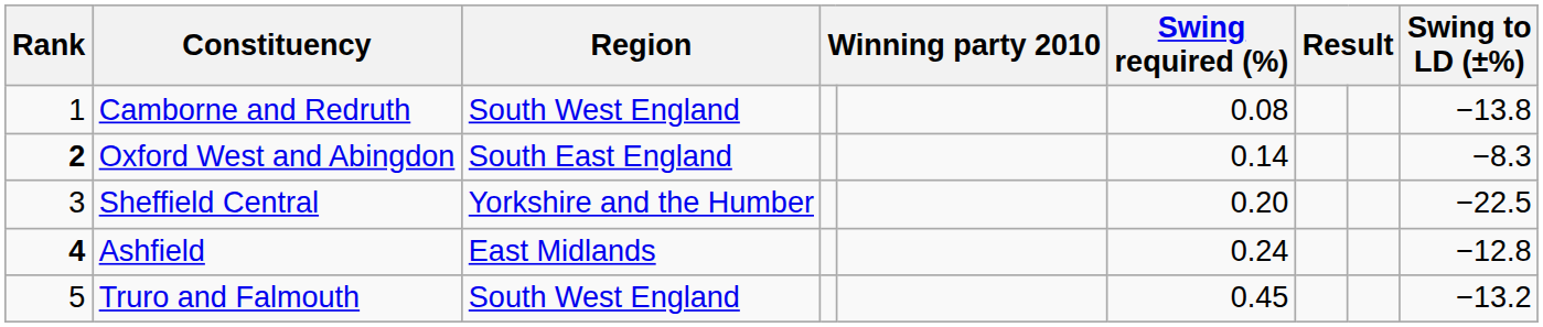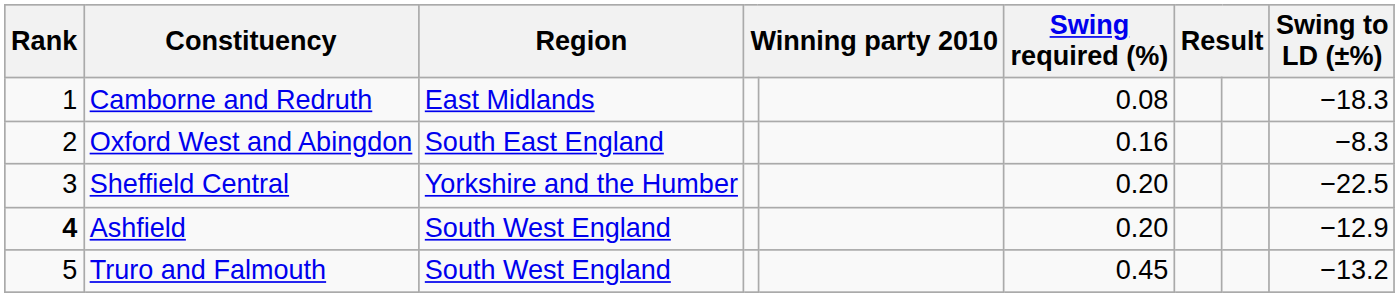 <table class="wikitable sortable">
 <tr>
 <th rowspan=1>Rank</th>
 <th rowspan=1>Constituency</th>
 <th rowspan=1>Region</th>
 <th colspan=2>Winning party 2010</th>
 <th rowspan=1><a href='#'>Swing</a><br>required (%)</th>
 <th colspan=2>Result</th>
 <th rowspan=1>Swing to<br>LD (±%)</th>
 </tr>
 <tr>
 <td style="text-align: right;">1</td>
 <td><a href='#'>Camborne and Redruth</a></td>
-<td><a href='#'>South West England</a></td>
+<td><a href='#'>East Midlands</a></td>
 <td width="1px"></td>
 <td></td>
 <td style="text-align: right;">0.08</td>
 <td style="color:inherit;background:"></td>
 <td></td>
-<td style="text-align: right;">−13.8</td>
+<td style="text-align: right;">−18.3</td>
 </tr>
 <tr>
-<td style="text-align: right;"><strong>2</strong></td>
+<td style="text-align: right;">2</td>
 <td><a href='#'>Oxford West and Abingdon</a></td>
 <td><a href='#'>South East England</a></td>
 <td width="1px"></td>
 <td></td>
-<td style="text-align: right;">0.14</td>
+<td style="text-align: right;">0.16</td>
 <td style="color:inherit;background:"></td>
 <td></td>
 <td style="text-align: right;">−8.3</td>
 </tr>
 <tr>
 <td style="text-align: right;">3</td>
 <td><a href='#'>Sheffield Central</a></td>
 <td><a href='#'>Yorkshire and the Humber</a></td>
 <td width="1px" style="background-color: "></td>
 <td></td>
 <td style="text-align: right;">0.20</td>
 <td style="color:inherit;background-color: "></td>
 <td></td>
 <td style="text-align: right;">−22.5</td>
 </tr>
 <tr>
 <td style="text-align: right;"><strong>4</strong></td>
 <td><a href='#'>Ashfield</a></td>
-<td><a href='#'>East Midlands</a></td>
+<td><a href='#'>South West England</a></td>
 <td width="1px"></td>
 <td></td>
-<td style="text-align: right;">0.24</td>
+<td style="text-align: right;">0.20</td>
 <td style="color:inherit;background-color: "></td>
 <td></td>
-<td style="text-align: right;">−12.8</td>
+<td style="text-align: right;">−12.9</td>
 </tr>
 <tr>
 <td style="text-align: right;">5</td>
 <td><a href='#'>Truro and Falmouth</a></td>
 <td><a href='#'>South West England</a></td>
 <td width="1px"></td>
 <td></td>
 <td style="text-align: right;">0.45</td>
 <td style="color:inherit;background:"></td>
 <td></td>
 <td style="text-align: right;">−13.2</td>
 </tr>
 </table>
